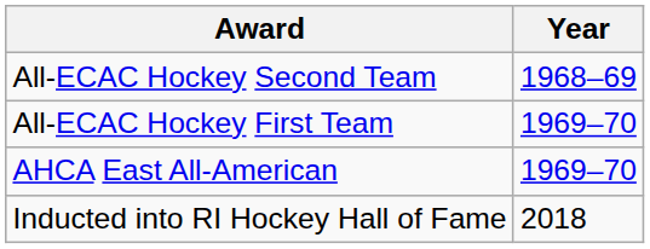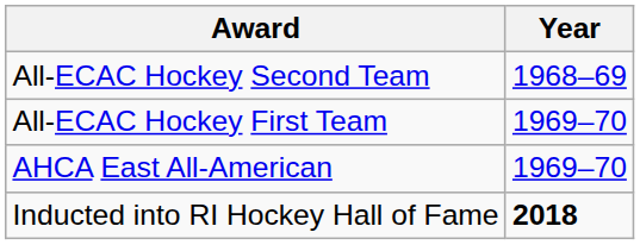 <table class="wikitable">
 <tr>
 <th>Award</th>
 <th>Year</th>
 </tr>
 <tr>
 <td>All-<a href='#'>ECAC Hockey</a> <a href='#'>Second Team</a></td>
 <td><a href='#'>1968–69</a></td>
 </tr>
 <tr>
 <td>All-<a href='#'>ECAC Hockey</a> <a href='#'>First Team</a></td>
 <td><a href='#'>1969–70</a></td>
 </tr>
 <tr>
 <td><a href='#'>AHCA</a> <a href='#'>East All-American</a></td>
 <td><a href='#'>1969–70</a></td>
 </tr>
 <tr>
 <td>Inducted into RI Hockey Hall of Fame</td>
-<td>2018</td>
+<td><strong>2018</strong></td>
 </tr>
 </table>
